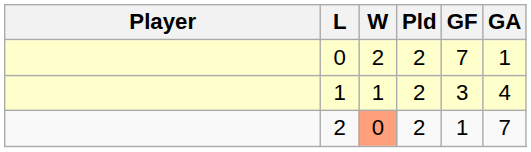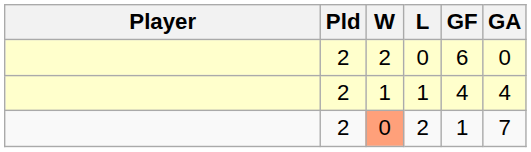 <table class=wikitable style="text-align:center">
 <tr>
 <th width=220>Player</th>
+<th width=20>Pld</th>
+<th width=20>W</th>
 <th width=20>L</th>
-<th width=20>W</th>
-<th width=20>Pld</th>
 <th width=20>GF</th>
 <th width=20>GA</th>
 </tr>
 <tr bgcolor=#ffffcc>
 <td align=left></td>
-<td>0</td>
 <td>2</td>
 <td>2</td>
-<td>7</td>
-<td>1</td>
+<td>0</td>
+<td>6</td>
+<td>0</td>
 </tr>
 <tr bgcolor=#ffffcc>
 <td align=left></td>
+<td>2</td>
 <td>1</td>
 <td>1</td>
-<td>2</td>
-<td>3</td>
+<td>4</td>
 <td>4</td>
 </tr>
 <tr>
 <td align=left></td>
 <td>2</td>
 <td style="background: lightsalmon;">0</td>
 <td>2</td>
 <td>1</td>
 <td>7</td>
 </tr>
 </table>
